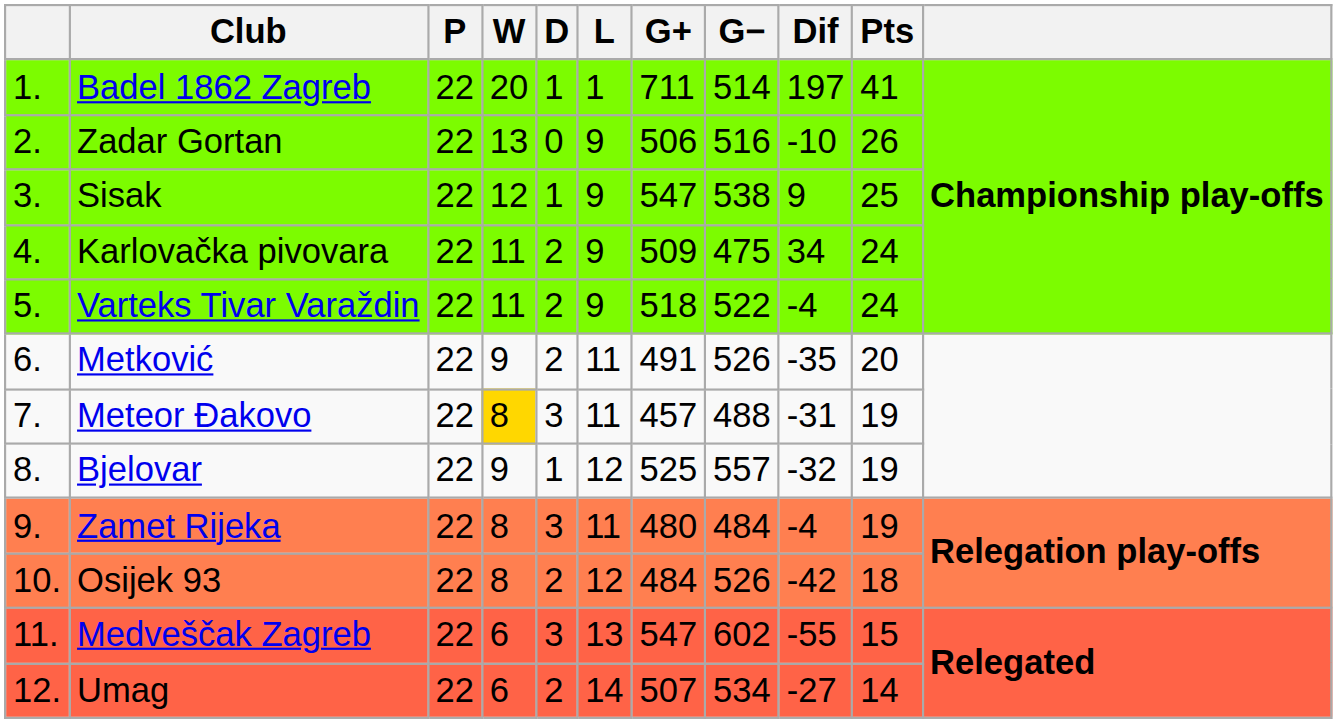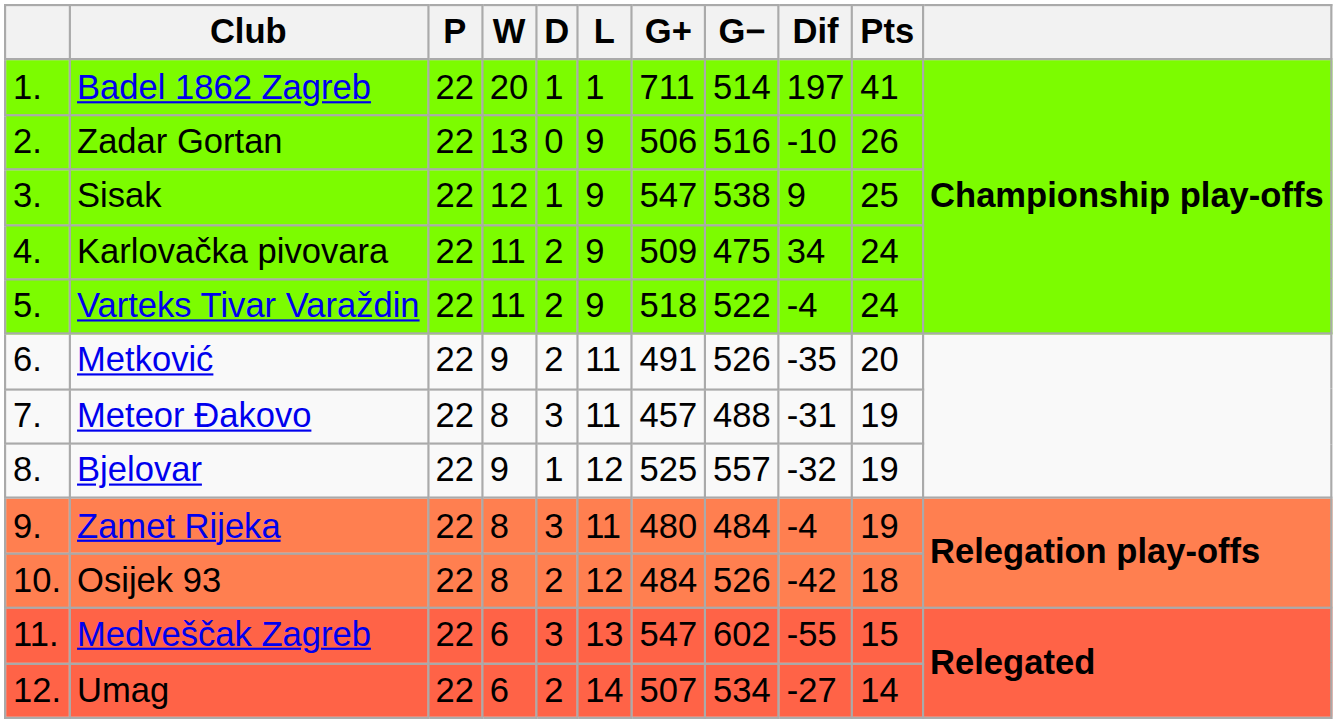 <table class="wikitable sortable">
 <tr>
 <th></th>
 <th>Club</th>
 <th>P</th>
 <th>W</th>
 <th>D</th>
 <th>L</th>
 <th>G+</th>
 <th>G−</th>
 <th>Dif</th>
 <th>Pts</th>
 <th></th>
 </tr>
 <tr bgcolor="lawngreen">
 <td>1.</td>
 <td><a href='#'>Badel 1862 Zagreb</a></td>
 <td>22</td>
 <td>20</td>
 <td>1</td>
 <td>1</td>
 <td>711</td>
 <td>514</td>
 <td>197</td>
 <td>41</td>
 <td rowspan="5"><strong>Championship play-offs</strong></td>
 </tr>
 <tr bgcolor="lawngreen">
 <td>2.</td>
 <td>Zadar Gortan</td>
 <td>22</td>
 <td>13</td>
 <td>0</td>
 <td>9</td>
 <td>506</td>
 <td>516</td>
 <td>-10</td>
 <td>26</td>
 </tr>
 <tr bgcolor="lawngreen">
 <td>3.</td>
 <td>Sisak</td>
 <td>22</td>
 <td>12</td>
 <td>1</td>
 <td>9</td>
 <td>547</td>
 <td>538</td>
 <td>9</td>
 <td>25</td>
 </tr>
 <tr bgcolor="lawngreen">
 <td>4.</td>
 <td>Karlovačka pivovara</td>
 <td>22</td>
 <td>11</td>
 <td>2</td>
 <td>9</td>
 <td>509</td>
 <td>475</td>
 <td>34</td>
 <td>24</td>
 </tr>
 <tr bgcolor="lawngreen">
 <td>5.</td>
 <td><a href='#'>Varteks Tivar Varaždin</a></td>
 <td>22</td>
 <td>11</td>
 <td>2</td>
 <td>9</td>
 <td>518</td>
 <td>522</td>
 <td>-4</td>
 <td>24</td>
 </tr>
 <tr>
 <td>6.</td>
 <td><a href='#'>Metković</a></td>
 <td>22</td>
 <td>9</td>
 <td>2</td>
 <td>11</td>
 <td>491</td>
 <td>526</td>
 <td>-35</td>
 <td>20</td>
 <td rowspan="3"></td>
 </tr>
 <tr>
 <td>7.</td>
 <td><a href='#'>Meteor Đakovo</a></td>
 <td>22</td>
-<td style="background: gold;">8</td>
+<td>8</td>
 <td>3</td>
 <td>11</td>
 <td>457</td>
 <td>488</td>
 <td>-31</td>
 <td>19</td>
 </tr>
 <tr>
 <td>8.</td>
 <td><a href='#'>Bjelovar</a></td>
 <td>22</td>
 <td>9</td>
 <td>1</td>
 <td>12</td>
 <td>525</td>
 <td>557</td>
 <td>-32</td>
 <td>19</td>
 </tr>
 <tr bgcolor="coral">
 <td>9.</td>
 <td><a href='#'>Zamet Rijeka</a></td>
 <td>22</td>
 <td>8</td>
 <td>3</td>
 <td>11</td>
 <td>480</td>
 <td>484</td>
 <td>-4</td>
 <td>19</td>
 <td rowspan="2"><strong>Relegation play-offs</strong></td>
 </tr>
 <tr bgcolor="coral">
 <td>10.</td>
 <td>Osijek 93</td>
 <td>22</td>
 <td>8</td>
 <td>2</td>
 <td>12</td>
 <td>484</td>
 <td>526</td>
 <td>-42</td>
 <td>18</td>
 </tr>
 <tr bgcolor="tomato">
 <td>11.</td>
 <td><a href='#'>Medveščak Zagreb</a></td>
 <td>22</td>
 <td>6</td>
 <td>3</td>
 <td>13</td>
 <td>547</td>
 <td>602</td>
 <td>-55</td>
 <td>15</td>
 <td rowspan="2"><strong>Relegated</strong></td>
 </tr>
 <tr bgcolor="tomato">
 <td>12.</td>
 <td>Umag</td>
 <td>22</td>
 <td>6</td>
 <td>2</td>
 <td>14</td>
 <td>507</td>
 <td>534</td>
 <td>-27</td>
 <td>14</td>
 </tr>
 </table>
